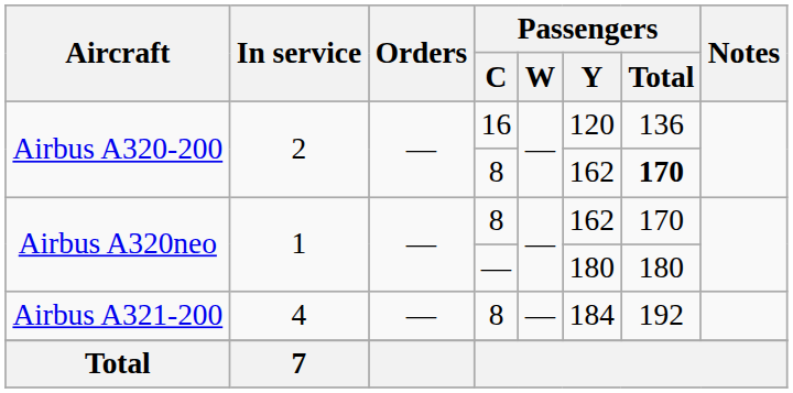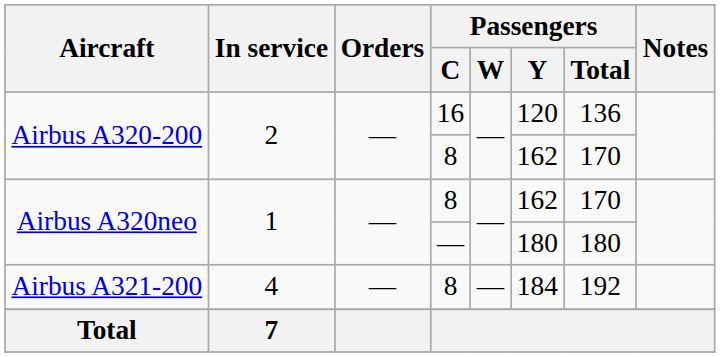 <table class="wikitable" style="border-collapse:collapse;text-align:center;margin: auto;">
 <tr>
 <th rowspan="2">Aircraft</th>
 <th rowspan="2">In service</th>
 <th rowspan="2">Orders</th>
 <th colspan="4">Passengers</th>
 <th rowspan="2">Notes</th>
 </tr>
 <tr>
 <th><abbr>C</abbr></th>
 <th><abbr>W</abbr></th>
 <th><abbr>Y</abbr></th>
 <th>Total</th>
 </tr>
 <tr>
 <td rowspan="2"><a href='#'>Airbus A320-200</a></td>
 <td rowspan="2">2</td>
 <td rowspan="2">—</td>
 <td>16</td>
 <td rowspan="2">—</td>
 <td>120</td>
 <td>136</td>
 <td rowspan="2"></td>
 </tr>
 <tr>
 <td>8</td>
 <td>162</td>
-<td><strong>170</strong></td>
+<td>170</td>
 </tr>
 <tr>
 <td rowspan="2"><a href='#'>Airbus A320neo</a></td>
 <td rowspan="2">1</td>
 <td rowspan="2">—</td>
 <td>8</td>
 <td rowspan="2">—</td>
 <td>162</td>
 <td>170</td>
 <td rowspan="2"></td>
 </tr>
 <tr>
 <td>—</td>
 <td>180</td>
 <td>180</td>
 </tr>
 <tr>
 <td><a href='#'>Airbus A321-200</a></td>
 <td>4</td>
 <td>—</td>
 <td>8</td>
 <td>—</td>
 <td>184</td>
 <td>192</td>
 <td></td>
 </tr>
 <tr>
 </tr>
 <tr>
 <th>Total</th>
 <th>7</th>
 <th></th>
 <th colspan="5"></th>
 </tr>
 </table>
